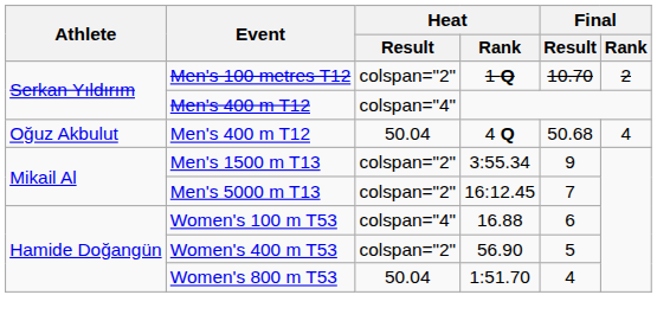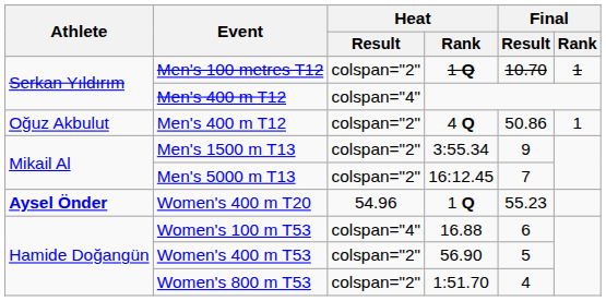 <table class="wikitable" style="font-size:90%">
 <tr>
 <th rowspan="2">Athlete</th>
 <th rowspan="2">Event</th>
 <th colspan="2">Heat</th>
 <th colspan="2">Final</th>
 </tr>
 <tr style="font-size:95%">
 <th>Result</th>
 <th>Rank</th>
 <th>Result</th>
 <th>Rank</th>
 </tr>
 <tr align=center>
 <td align=left rowspan=2><a href='#'><s>Serkan Yıldırım</s></a></td>
 <td align=left><a href='#'><s>Men's 100 metres T12</s></a></td>
 <td>colspan="2" </td>
 <td><s> 1 <strong>Q</strong> </s></td>
 <td><s> 10.70 </s> </td>
-<td><s> 2 </s></td>
+<td><s> 1 </s></td>
 </tr>
 <tr align=center>
 <td align=left><a href='#'><s>Men's 400 m T12</s></a></td>
 <td>colspan="4"  </td>
 </tr>
 <tr align=center>
 <td align=left><a href='#'>Oğuz Akbulut</a></td>
 <td align=left><a href='#'>Men's 400 m T12</a></td>
-<td>50.04</td>
+<td>colspan="2" </td>
 <td>4 <strong>Q</strong></td>
-<td>50.68</td>
-<td>4</td>
+<td>50.86</td>
+<td>1</td>
 </tr>
 <tr align=center>
 <td align=left rowspan=2><a href='#'>Mikail Al</a></td>
 <td align=left><a href='#'>Men's 1500 m T13</a></td>
 <td>colspan="2" </td>
 <td>3:55.34</td>
 <td>9</td>
 </tr>
 <tr align=center>
 <td align=left><a href='#'>Men's 5000 m T13</a></td>
 <td>colspan="2" </td>
 <td>16:12.45</td>
 <td>7</td>
+</tr>
+<tr align=center>
+<td align=left><strong><a href='#'>Aysel Önder</a></strong></td>
+<td align=left><a href='#'>Women's 400 m T20</a></td>
+<td>54.96 <strong></strong></td>
+<td>1 <strong>Q</strong></td>
+<td>55.23</td>
+<td></td>
 </tr>
 <tr align=center>
 <td align=left rowspan=3><a href='#'>Hamide Doğangün</a></td>
 <td align=left><a href='#'>Women's 100 m T53</a></td>
 <td>colspan="4"  </td>
 <td>16.88</td>
 <td>6</td>
 </tr>
 <tr align=center>
 <td align=left><a href='#'>Women's 400 m T53</a></td>
 <td>colspan="2" </td>
 <td>56.90</td>
 <td>5</td>
 </tr>
 <tr align=center>
 <td align=left><a href='#'>Women's 800 m T53</a></td>
-<td>50.04</td>
+<td>colspan="2" </td>
 <td>1:51.70</td>
 <td>4</td>
 </tr>
 </table>
